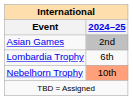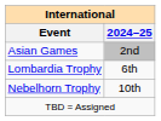 <table class="wikitable" style="text-align:center">
 <tr>
 <th style="background-color: #ffdead; " colspan=2 align=center>International</th>
 </tr>
 <tr>
 <th>Event</th>
 <th><a href='#'>2024–25</a></th>
 </tr>
 <tr>
 <td align=left><a href='#'>Asian Games</a></td>
 <td bgcolor=silver>2nd</td>
 </tr>
 <tr>
 <td align=left> <a href='#'>Lombardia Trophy</a></td>
 <td>6th</td>
 </tr>
 <tr>
 <td align=left> <a href='#'>Nebelhorn Trophy</a></td>
-<td style="background: lightsalmon;">10th</td>
+<td>10th</td>
 </tr>
 <tr>
 <td colspan=2 align=center><small> TBD = Assigned </small></td>
 </tr>
 </table>
